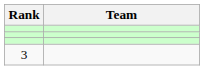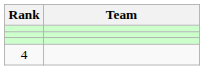 <table class="wikitable" style="text-align: center;">
 <tr>
 <th width=40>Rank</th>
 <th width=180>Team</th>
 </tr>
 <tr bgcolor="#ccffcc">
 <td></td>
 <td align="left"></td>
 </tr>
 <tr bgcolor="#ccffcc">
 <td></td>
 <td align="left"></td>
 </tr>
 <tr bgcolor="#ccffcc">
 <td></td>
 <td align="left"></td>
 </tr>
 <tr>
-<td>3</td>
+<td>4</td>
 <td align="left"></td>
 </tr>
 </table>
